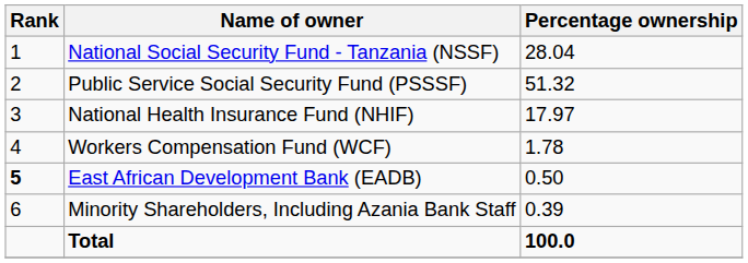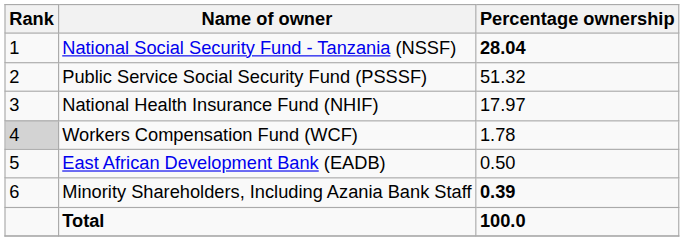 <table class="wikitable sortable" style="margin-left:auto;margin-right:auto">
 <tr>
 <th style="width:2em;">Rank</th>
 <th>Name of owner</th>
 <th>Percentage ownership</th>
 </tr>
 <tr>
 <td>1</td>
 <td><a href='#'>National Social Security Fund - Tanzania</a> (NSSF)</td>
-<td>28.04</td>
+<td><strong>28.04</strong></td>
 </tr>
 <tr>
 <td>2</td>
 <td>Public Service Social Security Fund (PSSSF)</td>
 <td>51.32</td>
 </tr>
 <tr>
 <td>3</td>
 <td>National Health Insurance Fund (NHIF)</td>
 <td>17.97</td>
 </tr>
 <tr>
-<td>4</td>
+<td style="background: lightgrey;">4</td>
 <td>Workers Compensation Fund (WCF)</td>
 <td>1.78</td>
 </tr>
 <tr>
-<td><strong>5</strong></td>
+<td>5</td>
 <td><a href='#'>East African Development Bank</a> (EADB)</td>
 <td>0.50</td>
 </tr>
 <tr>
 <td>6</td>
 <td>Minority Shareholders, Including Azania Bank Staff</td>
-<td>0.39</td>
+<td><strong>0.39</strong></td>
 </tr>
 <tr>
 <td></td>
 <td><strong>Total</strong></td>
 <td><strong>100.0</strong></td>
 </tr>
 <tr>
 </tr>
 </table>
